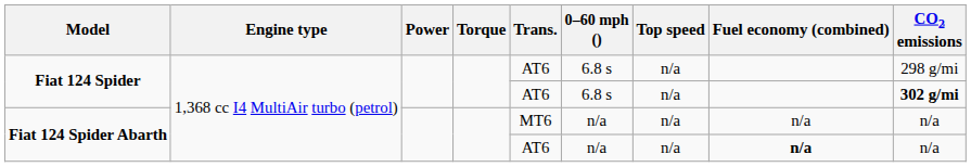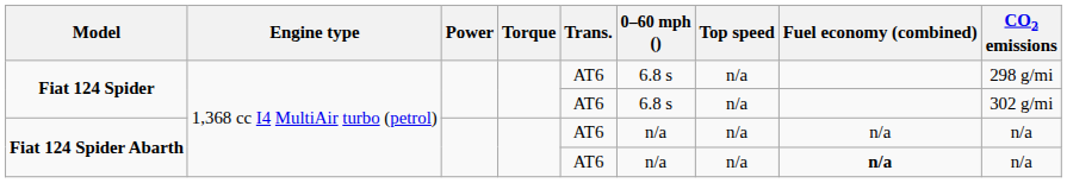 <table class="wikitable" style="text-align:center; font-size:90%;">
 <tr>
 <th>Model</th>
 <th style="line-height:1.3em;">Engine type</th>
 <th>Power</th>
 <th>Torque</th>
 <th>Trans.</th>
 <th style="line-height:1.3em; font-size:95%;">0–60 mph<br>()</th>
 <th>Top speed</th>
 <th>Fuel economy (combined)</th>
 <th><a href='#'>CO<sub>2</sub></a><br>emissions</th>
 </tr>
 <tr>
 <td rowspan=2><strong>Fiat 124 Spider</strong></td>
 <td rowspan=4>1,368 cc <a href='#'>I4</a> <a href='#'>MultiAir</a> <a href='#'>turbo</a> (<a href='#'>petrol</a>)</td>
 <td rowspan=2> </td>
 <td rowspan=2> </td>
 <td>AT6</td>
 <td>6.8 s</td>
 <td>n/a</td>
 <td></td>
 <td>298 g/mi</td>
 </tr>
 <tr>
 <td>AT6</td>
 <td>6.8 s</td>
 <td>n/a</td>
 <td></td>
-<td><strong>302 g/mi</strong></td>
+<td>302 g/mi</td>
 </tr>
 <tr>
 <td rowspan=2><strong>Fiat 124 Spider Abarth</strong></td>
 <td rowspan=2> </td>
 <td rowspan=2> </td>
-<td>MT6</td>
+<td>AT6</td>
 <td>n/a</td>
 <td>n/a</td>
 <td>n/a</td>
 <td>n/a</td>
 </tr>
 <tr>
 <td>AT6</td>
 <td>n/a</td>
 <td>n/a</td>
 <td><strong>n/a</strong></td>
 <td>n/a</td>
 </tr>
 </table>
